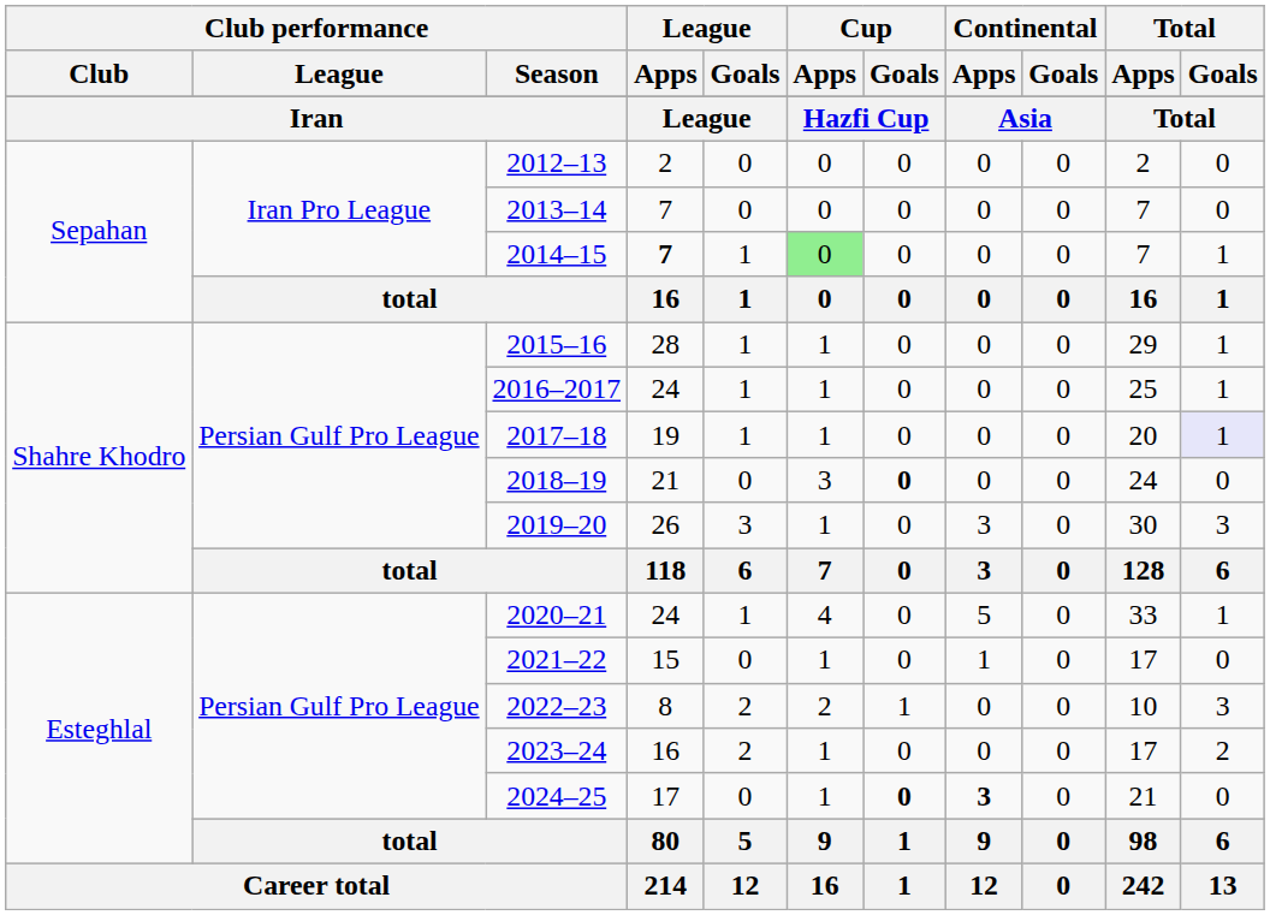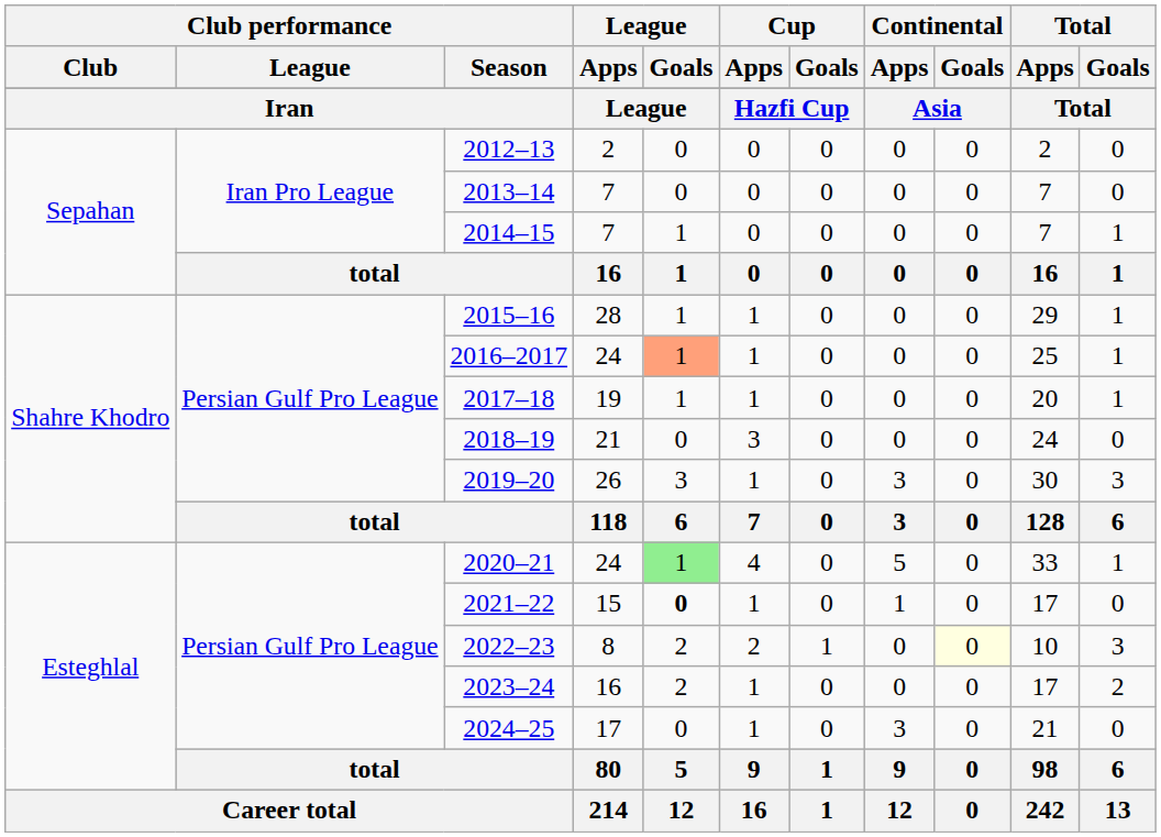 <table class="wikitable" style="text-align:center">
 <tr>
 <th colspan=3>Club performance</th>
 <th colspan=2>League</th>
 <th colspan=2>Cup</th>
 <th colspan=2>Continental</th>
 <th colspan=2>Total</th>
 </tr>
 <tr>
 <th>Club</th>
 <th>League</th>
 <th>Season</th>
 <th>Apps</th>
 <th>Goals</th>
 <th>Apps</th>
 <th>Goals</th>
 <th>Apps</th>
 <th>Goals</th>
 <th>Apps</th>
 <th>Goals</th>
 </tr>
 <tr>
 </tr>
 <tr>
 <th colspan=3>Iran</th>
 <th colspan=2>League</th>
 <th colspan=2><a href='#'>Hazfi Cup</a></th>
 <th colspan=2><a href='#'>Asia</a></th>
 <th colspan=2>Total</th>
 </tr>
 <tr>
 <td rowspan="4"><a href='#'>Sepahan</a></td>
 <td rowspan="3"><a href='#'>Iran Pro League</a></td>
 <td><a href='#'>2012–13</a></td>
 <td>2</td>
 <td>0</td>
 <td>0</td>
 <td>0</td>
 <td>0</td>
 <td>0</td>
 <td>2</td>
 <td>0</td>
 </tr>
 <tr>
 <td><a href='#'>2013–14</a></td>
 <td>7</td>
 <td>0</td>
 <td>0</td>
 <td>0</td>
 <td>0</td>
 <td>0</td>
 <td>7</td>
 <td>0</td>
 </tr>
 <tr>
 <td><a href='#'>2014–15</a></td>
-<td><strong>7</strong></td>
+<td>7</td>
 <td>1</td>
-<td style="background: lightgreen;">0</td>
+<td>0</td>
 <td>0</td>
 <td>0</td>
 <td>0</td>
 <td>7</td>
 <td>1</td>
 </tr>
 <tr>
 <th colspan="2">total</th>
 <th>16</th>
 <th>1</th>
 <th>0</th>
 <th>0</th>
 <th>0</th>
 <th>0</th>
 <th>16</th>
 <th>1</th>
 </tr>
 <tr>
 <td rowspan="6"><a href='#'>Shahre Khodro</a></td>
 <td rowspan="5"><a href='#'>Persian Gulf Pro League</a></td>
 <td><a href='#'>2015–16</a></td>
 <td>28</td>
 <td>1</td>
 <td>1</td>
 <td>0</td>
 <td>0</td>
 <td>0</td>
 <td>29</td>
 <td>1</td>
 </tr>
 <tr>
 <td><a href='#'>2016–2017</a></td>
 <td>24</td>
-<td>1</td>
+<td style="background: lightsalmon;">1</td>
 <td>1</td>
 <td>0</td>
 <td>0</td>
 <td>0</td>
 <td>25</td>
 <td>1</td>
 </tr>
 <tr>
 <td><a href='#'>2017–18</a></td>
 <td>19</td>
 <td>1</td>
 <td>1</td>
 <td>0</td>
 <td>0</td>
 <td>0</td>
 <td>20</td>
-<td style="background: lavender;">1</td>
+<td>1</td>
 </tr>
 <tr>
 <td><a href='#'>2018–19</a></td>
 <td>21</td>
 <td>0</td>
 <td>3</td>
-<td><strong>0</strong></td>
+<td>0</td>
 <td>0</td>
 <td>0</td>
 <td>24</td>
 <td>0</td>
 </tr>
 <tr>
 <td><a href='#'>2019–20</a></td>
 <td>26</td>
 <td>3</td>
 <td>1</td>
 <td>0</td>
 <td>3</td>
 <td>0</td>
 <td>30</td>
 <td>3</td>
 </tr>
 <tr>
 <th colspan="2">total</th>
 <th>118</th>
 <th>6</th>
 <th>7</th>
 <th>0</th>
 <th>3</th>
 <th>0</th>
 <th>128</th>
 <th>6</th>
 </tr>
 <tr>
 <td rowspan="6"><a href='#'>Esteghlal</a></td>
 <td rowspan="5"><a href='#'>Persian Gulf Pro League</a></td>
 <td><a href='#'>2020–21</a></td>
 <td>24</td>
-<td>1</td>
+<td style="background: lightgreen;">1</td>
 <td>4</td>
 <td>0</td>
 <td>5</td>
 <td>0</td>
 <td>33</td>
 <td>1</td>
 </tr>
 <tr>
 <td><a href='#'>2021–22</a></td>
 <td>15</td>
-<td>0</td>
+<td><strong>0</strong></td>
 <td>1</td>
 <td>0</td>
 <td>1</td>
 <td>0</td>
 <td>17</td>
 <td>0</td>
 </tr>
 <tr>
 <td><a href='#'>2022–23</a></td>
 <td>8</td>
 <td>2</td>
 <td>2</td>
 <td>1</td>
 <td>0</td>
-<td>0</td>
+<td style="background: lightyellow;">0</td>
 <td>10</td>
 <td>3</td>
 </tr>
 <tr>
 <td><a href='#'>2023–24</a></td>
 <td>16</td>
 <td>2</td>
 <td>1</td>
 <td>0</td>
 <td>0</td>
 <td>0</td>
 <td>17</td>
 <td>2</td>
 </tr>
 <tr>
 <td><a href='#'>2024–25</a></td>
 <td>17</td>
 <td>0</td>
 <td>1</td>
-<td><strong>0</strong></td>
-<td><strong>3</strong></td>
+<td>0</td>
+<td>3</td>
 <td>0</td>
 <td>21</td>
 <td>0</td>
 </tr>
 <tr>
 <th colspan="2">total</th>
 <th>80</th>
 <th>5</th>
 <th>9</th>
 <th>1</th>
 <th>9</th>
 <th>0</th>
 <th>98</th>
 <th>6</th>
 </tr>
 <tr>
 <th colspan="3">Career total</th>
 <th>214</th>
 <th>12</th>
 <th>16</th>
 <th>1</th>
 <th>12</th>
 <th>0</th>
 <th>242</th>
 <th>13</th>
 </tr>
 </table>
